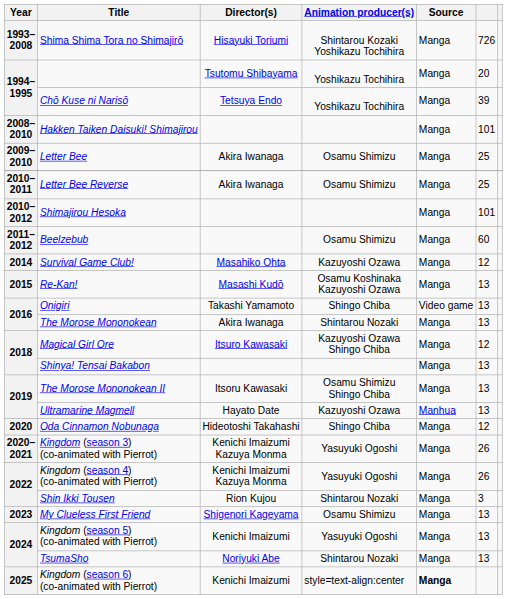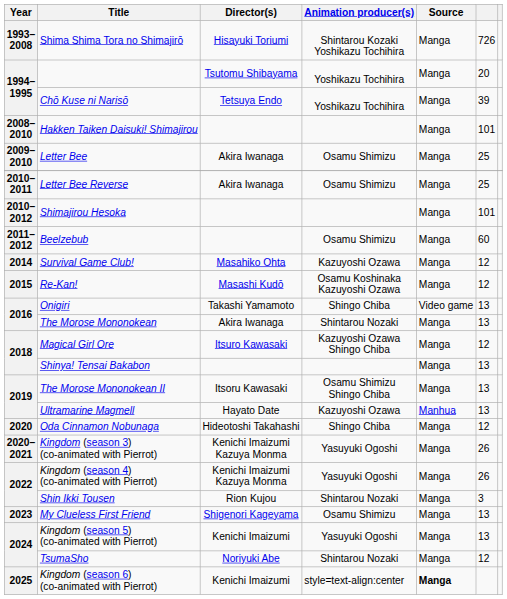 <table class="wikitable sortable plainrowheaders">
 <tr>
 <th scope="col" class="unsortable" width=10>Year</th>
 <th scope="col">Title</th>
 <th scope="col">Director(s)</th>
 <th scope="col"><a href='#'>Animation producer(s)</a></th>
 <th scope="col">Source</th>
 <th scope="col"></th>
 <th scope="col" class="unsortable"></th>
 </tr>
 <tr>
 <th scope="row">1993–2008</th>
 <td><a href='#'>Shima Shima Tora no Shimajirō</a></td>
 <td style=text-align:center><a href='#'>Hisayuki Toriumi</a></td>
 <td style=text-align:center><br>Shintarou Kozaki<br>Yoshikazu Tochihira</td>
 <td>Manga</td>
 <td>726</td>
 <td></td>
 </tr>
 <tr>
 <th scope="row" rowspan="2">1994–1995</th>
 <td><em></em></td>
 <td style=text-align:center><a href='#'>Tsutomu Shibayama</a></td>
 <td style=text-align:center><br>Yoshikazu Tochihira</td>
 <td>Manga</td>
 <td>20</td>
 <td></td>
 </tr>
 <tr>
 <td><em><a href='#'>Chō Kuse ni Narisō</a></em></td>
 <td style=text-align:center><a href='#'>Tetsuya Endo</a></td>
 <td style=text-align:center><br>Yoshikazu Tochihira</td>
 <td>Manga</td>
 <td>39</td>
 <td></td>
 </tr>
 <tr>
 <th scope="row">2008–2010</th>
 <td><em><a href='#'>Hakken Taiken Daisuki! Shimajirou</a></em></td>
 <td></td>
 <td></td>
 <td>Manga</td>
 <td>101</td>
 <td></td>
 </tr>
 <tr>
 <th scope="row">2009–2010</th>
 <td><em><a href='#'>Letter Bee</a></em></td>
 <td style=text-align:center>Akira Iwanaga</td>
 <td style=text-align:center>Osamu Shimizu</td>
 <td>Manga</td>
 <td>25</td>
 <td></td>
 </tr>
 <tr>
 </tr>
 <tr>
 <th scope="row">2010–2011</th>
 <td><em><a href='#'>Letter Bee Reverse</a></em></td>
 <td style=text-align:center>Akira Iwanaga</td>
 <td style=text-align:center>Osamu Shimizu</td>
 <td>Manga</td>
 <td>25</td>
 <td></td>
 </tr>
 <tr>
 <th scope="row">2010–2012</th>
 <td><a href='#'><em>Shimajirou Hesoka</em></a></td>
 <td></td>
 <td></td>
 <td>Manga</td>
 <td>101</td>
 <td></td>
 </tr>
 <tr>
 <th scope="row">2011–2012</th>
 <td><em><a href='#'>Beelzebub</a></em></td>
 <td style=text-align:center></td>
 <td style=text-align:center>Osamu Shimizu</td>
 <td>Manga</td>
 <td>60</td>
 <td></td>
 </tr>
 <tr>
 <th scope="row">2014</th>
 <td><em><a href='#'>Survival Game Club!</a></em></td>
 <td style=text-align:center><a href='#'>Masahiko Ohta</a></td>
 <td style=text-align:center>Kazuyoshi Ozawa</td>
 <td>Manga</td>
 <td>12</td>
 <td></td>
 </tr>
 <tr>
 <th scope="row">2015</th>
 <td><em><a href='#'>Re-Kan!</a></em></td>
 <td style=text-align:center><a href='#'>Masashi Kudō</a></td>
 <td style=text-align:center>Osamu Koshinaka<br>Kazuyoshi Ozawa</td>
 <td>Manga</td>
-<td>13</td>
+<td>12</td>
 <td></td>
 </tr>
 <tr>
 <th scope="row" rowspan="2">2016</th>
 <td><em><a href='#'>Onigiri</a></em></td>
 <td style=text-align:center>Takashi Yamamoto</td>
 <td style=text-align:center>Shingo Chiba</td>
 <td>Video game</td>
 <td>13</td>
 <td></td>
 </tr>
 <tr>
 <td><em><a href='#'>The Morose Mononokean</a></em></td>
 <td style=text-align:center>Akira Iwanaga</td>
 <td style=text-align:center>Shintarou Nozaki</td>
 <td>Manga</td>
 <td>13</td>
 <td></td>
 </tr>
 <tr>
 <th scope="row" rowspan="2">2018</th>
 <td><em><a href='#'>Magical Girl Ore</a></em></td>
 <td style=text-align:center><a href='#'>Itsuro Kawasaki</a></td>
 <td style=text-align:center>Kazuyoshi Ozawa<br>Shingo Chiba</td>
 <td>Manga</td>
 <td>12</td>
 <td></td>
 </tr>
 <tr>
 <td><em><a href='#'>Shinya! Tensai Bakabon</a></em></td>
 <td style=text-align:center></td>
 <td></td>
 <td>Manga</td>
 <td>13</td>
 <td></td>
 </tr>
 <tr>
 <th scope="row" rowspan="2">2019</th>
 <td><em><a href='#'>The Morose Mononokean II</a></em></td>
 <td style=text-align:center>Itsoru Kawasaki</td>
 <td style=text-align:center>Osamu Shimizu<br>Shingo Chiba</td>
 <td>Manga</td>
 <td>13</td>
 <td></td>
 </tr>
 <tr>
 <td><em><a href='#'>Ultramarine Magmell</a></em></td>
 <td style=text-align:center>Hayato Date</td>
 <td style=text-align:center>Kazuyoshi Ozawa</td>
 <td><a href='#'>Manhua</a></td>
 <td>13</td>
 <td></td>
 </tr>
 <tr>
 <th scope="row">2020</th>
 <td><em><a href='#'>Oda Cinnamon Nobunaga</a></em></td>
 <td style=text-align:center>Hideotoshi Takahashi</td>
 <td style=text-align:center>Shingo Chiba</td>
 <td>Manga</td>
 <td>12</td>
 <td></td>
 </tr>
 <tr>
 <th scope="row">2020–2021</th>
 <td><em><a href='#'>Kingdom</a></em> (<a href='#'>season 3</a>)<br>(co-animated with Pierrot)</td>
 <td style=text-align:center>Kenichi Imaizumi<br>Kazuya Monma</td>
 <td style=text-align:center>Yasuyuki Ogoshi</td>
 <td>Manga</td>
 <td>26</td>
 <td></td>
 </tr>
 <tr>
 <th scope="row" rowspan="2">2022</th>
 <td><em>Kingdom</em> (<a href='#'>season 4</a>)<br>(co-animated with Pierrot)</td>
 <td style=text-align:center>Kenichi Imaizumi<br>Kazuya Monma</td>
 <td style=text-align:center>Yasuyuki Ogoshi</td>
 <td>Manga</td>
 <td>26</td>
 <td></td>
 </tr>
 <tr>
 <td><em><a href='#'>Shin Ikki Tousen</a></em></td>
 <td style=text-align:center>Rion Kujou</td>
 <td style=text-align:center>Shintarou Nozaki</td>
 <td>Manga</td>
 <td>3</td>
 <td></td>
 </tr>
 <tr>
 <th scope="row">2023</th>
 <td><em><a href='#'>My Clueless First Friend</a></em></td>
 <td style=text-align:center><a href='#'>Shigenori Kageyama</a></td>
 <td style=text-align:center>Osamu Shimizu</td>
 <td>Manga</td>
 <td>13</td>
 <td></td>
 </tr>
 <tr>
 <th scope="row" rowspan="2">2024</th>
 <td><em>Kingdom</em> (<a href='#'>season 5</a>)<br>(co-animated with Pierrot)</td>
 <td style=text-align:center>Kenichi Imaizumi</td>
 <td style=text-align:center>Yasuyuki Ogoshi</td>
 <td>Manga</td>
 <td>13</td>
 <td></td>
 </tr>
 <tr>
 <td><em><a href='#'>TsumaSho</a></em></td>
 <td style=text-align:center><a href='#'>Noriyuki Abe</a></td>
 <td style=text-align:center>Shintarou Nozaki</td>
 <td>Manga</td>
-<td>13</td>
+<td>12</td>
 <td></td>
 </tr>
 <tr>
 <th scope="row">2025</th>
 <td><em>Kingdom</em> (<a href='#'>season 6</a>)<br>(co-animated with Pierrot)</td>
 <td style=text-align:center>Kenichi Imaizumi</td>
 <td>style=text-align:center  </td>
 <td><strong>Manga</strong></td>
 <td></td>
 <td></td>
 </tr>
 </table>
